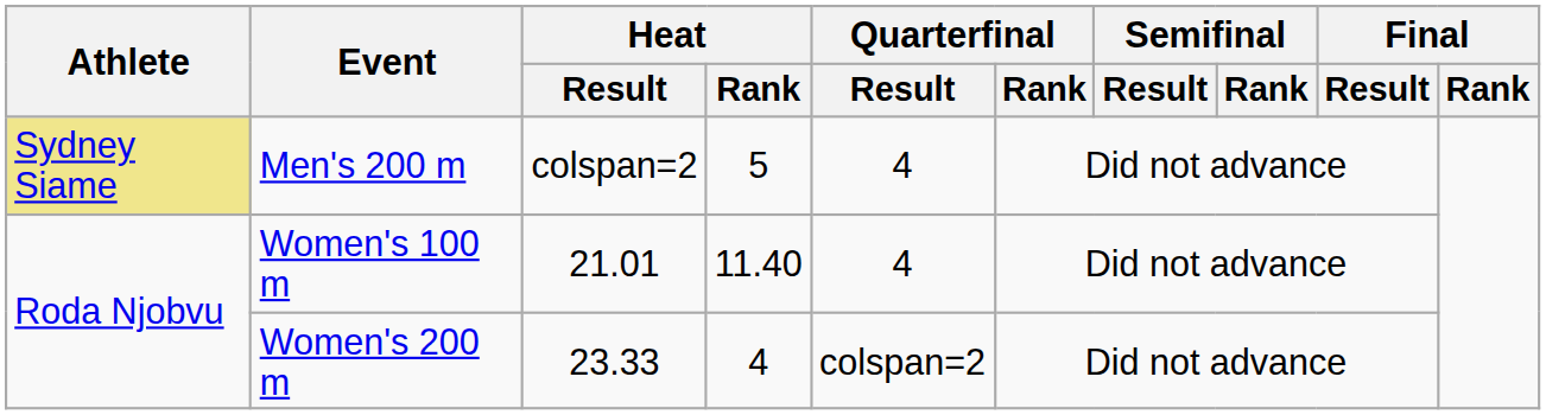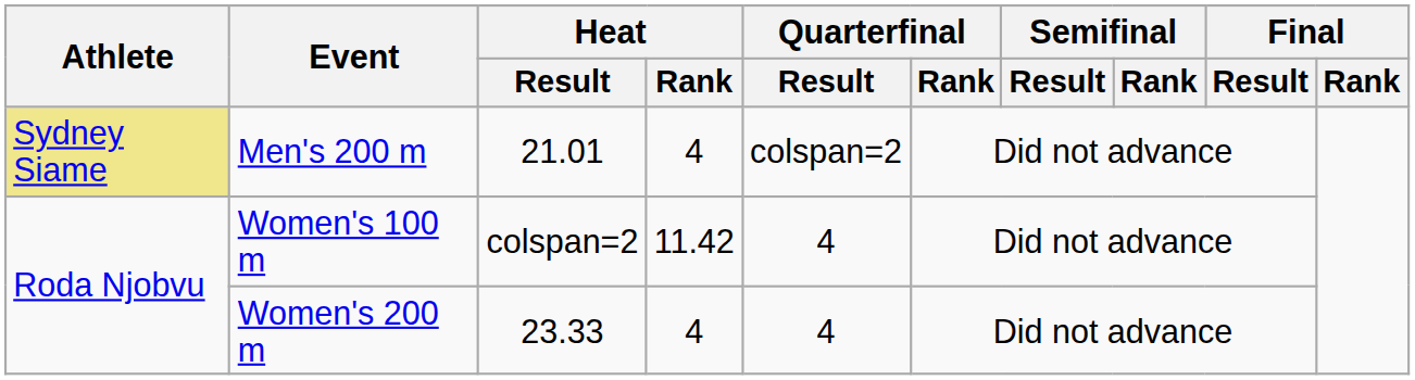 <table class="wikitable" style="font-size:90%">
 <tr>
 <th rowspan="2">Athlete</th>
 <th rowspan="2">Event</th>
 <th colspan="2">Heat</th>
 <th colspan="2">Quarterfinal</th>
 <th colspan="2">Semifinal</th>
 <th colspan="2">Final</th>
 </tr>
 <tr style="font-size:95%">
 <th>Result</th>
 <th>Rank</th>
 <th>Result</th>
 <th>Rank</th>
 <th>Result</th>
 <th>Rank</th>
 <th>Result</th>
 <th>Rank</th>
 </tr>
 <tr align=center>
 <td align=left style="background: khaki;"><a href='#'>Sydney Siame</a></td>
 <td align=left><a href='#'>Men's 200 m</a></td>
+<td>21.01</td>
+<td>4</td>
 <td>colspan=2 </td>
-<td>5</td>
-<td>4</td>
 <td colspan=4>Did not advance</td>
 </tr>
 <tr align=center>
 <td align=left rowspan=2><a href='#'>Roda Njobvu</a></td>
 <td align=left><a href='#'>Women's 100 m</a></td>
-<td>21.01</td>
-<td>11.40</td>
+<td>colspan=2 </td>
+<td>11.42</td>
 <td>4</td>
 <td colspan=4>Did not advance</td>
 </tr>
 <tr align=center>
 <td align=left><a href='#'>Women's 200 m</a></td>
 <td>23.33</td>
 <td>4</td>
-<td>colspan=2 </td>
+<td>4</td>
 <td colspan=4>Did not advance</td>
 </tr>
 </table>
